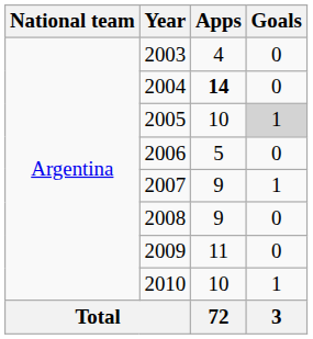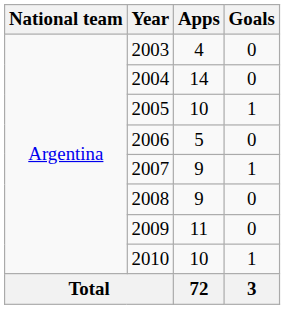 <table class="wikitable" style="text-align:center">
 <tr>
 <th>National team</th>
 <th>Year</th>
 <th>Apps</th>
 <th>Goals</th>
 </tr>
 <tr>
 <td rowspan="8"><a href='#'>Argentina</a></td>
 <td>2003</td>
 <td>4</td>
 <td>0</td>
 </tr>
 <tr>
 <td>2004</td>
-<td><strong>14</strong></td>
+<td>14</td>
 <td>0</td>
 </tr>
 <tr>
 <td>2005</td>
 <td>10</td>
-<td style="background: lightgrey;">1</td>
+<td>1</td>
 </tr>
 <tr>
 <td>2006</td>
 <td>5</td>
 <td>0</td>
 </tr>
 <tr>
 <td>2007</td>
 <td>9</td>
 <td>1</td>
 </tr>
 <tr>
 <td>2008</td>
 <td>9</td>
 <td>0</td>
 </tr>
 <tr>
 <td>2009</td>
 <td>11</td>
 <td>0</td>
 </tr>
 <tr>
 <td>2010</td>
 <td>10</td>
 <td>1</td>
 </tr>
 <tr>
 <th colspan="2">Total</th>
 <th>72</th>
 <th>3</th>
 </tr>
 </table>
